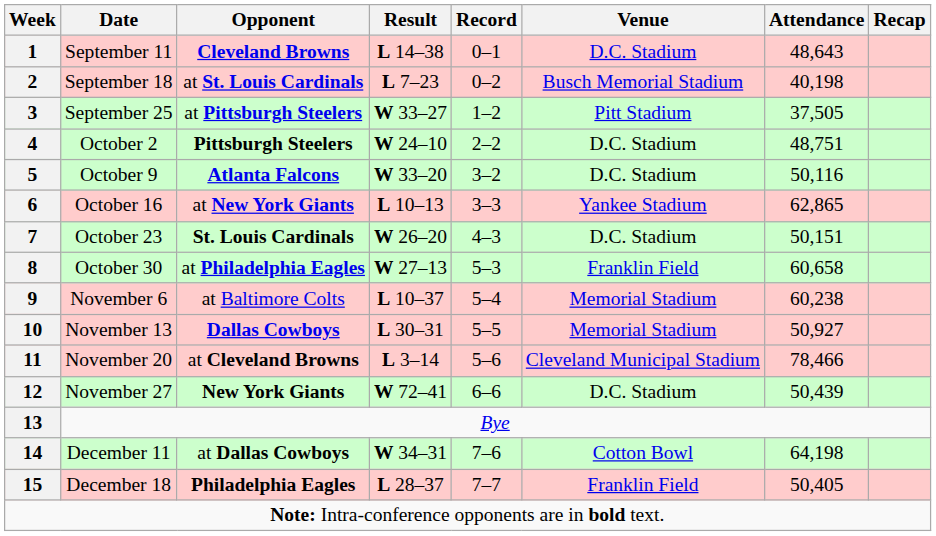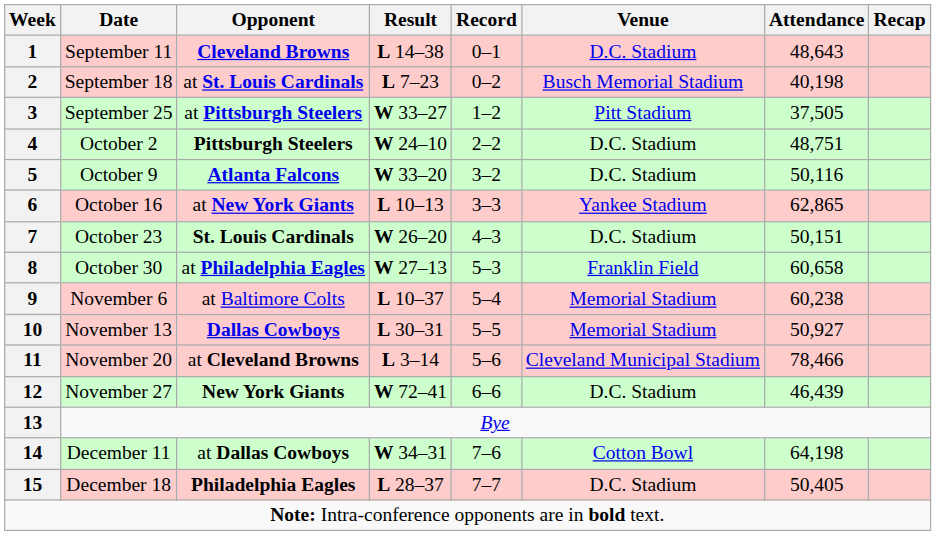 <table class="wikitable" style="text-align:center">
 <tr>
 <th>Week</th>
 <th>Date</th>
 <th>Opponent</th>
 <th>Result</th>
 <th>Record</th>
 <th>Venue</th>
 <th>Attendance</th>
 <th>Recap</th>
 </tr>
 <tr style="background:#fcc">
 <th>1</th>
 <td>September 11</td>
 <td><strong><a href='#'>Cleveland Browns</a></strong></td>
 <td><strong>L</strong> 14–38</td>
 <td>0–1</td>
 <td><a href='#'>D.C. Stadium</a></td>
 <td>48,643</td>
 <td></td>
 </tr>
 <tr style="background:#fcc">
 <th>2</th>
 <td>September 18</td>
 <td>at <strong><a href='#'>St. Louis Cardinals</a></strong></td>
 <td><strong>L</strong> 7–23</td>
 <td>0–2</td>
 <td><a href='#'>Busch Memorial Stadium</a></td>
 <td>40,198</td>
 <td></td>
 </tr>
 <tr style="background:#cfc">
 <th>3</th>
 <td>September 25</td>
 <td>at <strong><a href='#'>Pittsburgh Steelers</a></strong></td>
 <td><strong>W</strong> 33–27</td>
 <td>1–2</td>
 <td><a href='#'>Pitt Stadium</a></td>
 <td>37,505</td>
 <td></td>
 </tr>
 <tr style="background:#cfc">
 <th>4</th>
 <td>October 2</td>
 <td><strong>Pittsburgh Steelers</strong></td>
 <td><strong>W</strong> 24–10</td>
 <td>2–2</td>
 <td>D.C. Stadium</td>
 <td>48,751</td>
 <td></td>
 </tr>
 <tr style="background:#cfc">
 <th>5</th>
 <td>October 9</td>
 <td><strong><a href='#'>Atlanta Falcons</a></strong></td>
 <td><strong>W</strong> 33–20</td>
 <td>3–2</td>
 <td>D.C. Stadium</td>
 <td>50,116</td>
 <td></td>
 </tr>
 <tr style="background:#fcc">
 <th>6</th>
 <td>October 16</td>
 <td>at <strong><a href='#'>New York Giants</a></strong></td>
 <td><strong>L</strong> 10–13</td>
 <td>3–3</td>
 <td><a href='#'>Yankee Stadium</a></td>
 <td>62,865</td>
 <td></td>
 </tr>
 <tr style="background:#cfc">
 <th>7</th>
 <td>October 23</td>
 <td><strong>St. Louis Cardinals</strong></td>
 <td><strong>W</strong> 26–20</td>
 <td>4–3</td>
 <td>D.C. Stadium</td>
 <td>50,151</td>
 <td></td>
 </tr>
 <tr style="background:#cfc">
 <th>8</th>
 <td>October 30</td>
 <td>at <strong><a href='#'>Philadelphia Eagles</a></strong></td>
 <td><strong>W</strong> 27–13</td>
 <td>5–3</td>
 <td><a href='#'>Franklin Field</a></td>
 <td>60,658</td>
 <td></td>
 </tr>
 <tr style="background:#fcc">
 <th>9</th>
 <td>November 6</td>
 <td>at <a href='#'>Baltimore Colts</a></td>
 <td><strong>L</strong> 10–37</td>
 <td>5–4</td>
 <td><a href='#'>Memorial Stadium</a></td>
 <td>60,238</td>
 <td></td>
 </tr>
 <tr style="background:#fcc">
 <th>10</th>
 <td>November 13</td>
 <td><strong><a href='#'>Dallas Cowboys</a></strong></td>
 <td><strong>L</strong> 30–31</td>
 <td>5–5</td>
 <td><a href='#'>Memorial Stadium</a></td>
 <td>50,927</td>
 <td></td>
 </tr>
 <tr style="background:#fcc">
 <th>11</th>
 <td>November 20</td>
 <td>at <strong>Cleveland Browns</strong></td>
 <td><strong>L</strong> 3–14</td>
 <td>5–6</td>
 <td><a href='#'>Cleveland Municipal Stadium</a></td>
 <td>78,466</td>
 <td></td>
 </tr>
 <tr style="background:#cfc">
 <th>12</th>
 <td>November 27</td>
 <td><strong>New York Giants</strong></td>
 <td><strong>W</strong> 72–41</td>
 <td>6–6</td>
 <td>D.C. Stadium</td>
-<td>50,439</td>
+<td>46,439</td>
 <td></td>
 </tr>
 <tr>
 <th>13</th>
 <td colspan=7 align="center"><em><a href='#'>Bye</a></em></td>
 </tr>
 <tr style="background:#cfc">
 <th>14</th>
 <td>December 11</td>
 <td>at <strong>Dallas Cowboys</strong></td>
 <td><strong>W</strong> 34–31</td>
 <td>7–6</td>
 <td><a href='#'>Cotton Bowl</a></td>
 <td>64,198</td>
 <td></td>
 </tr>
 <tr style="background:#fcc">
 <th>15</th>
 <td>December 18</td>
 <td><strong>Philadelphia Eagles</strong></td>
 <td><strong>L</strong> 28–37</td>
 <td>7–7</td>
-<td><a href='#'>Franklin Field</a></td>
+<td>D.C. Stadium</td>
 <td>50,405</td>
 <td></td>
 </tr>
 <tr>
 <td colspan="8"><strong>Note:</strong> Intra-conference opponents are in <strong>bold</strong> text.</td>
 </tr>
 </table>
